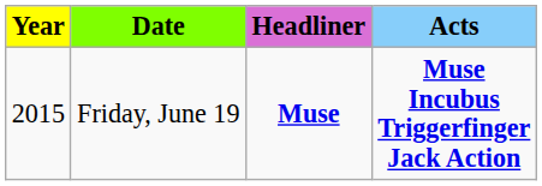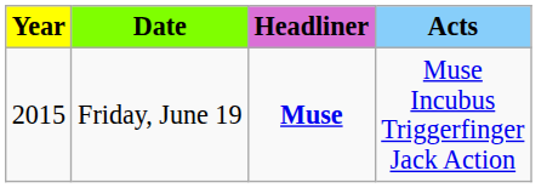 <table class="wikitable">
 <tr>
 <th style="background:#FFFF00">Year</th>
 <th style="background:#7FFF00">Date</th>
 <th style="background:#DA70D6">Headliner</th>
 <th style="background:#87CEFA">Acts</th>
 </tr>
 <tr align="center">
 <td rowspan="2">2015</td>
 <td>Friday, June 19</td>
 <td><strong><a href='#'>Muse</a></strong></td>
-<td><strong><a href='#'>Muse</a> <br><a href='#'>Incubus</a> <br><a href='#'>Triggerfinger</a> <br><a href='#'>Jack Action</a></strong></td>
+<td><a href='#'>Muse</a> <br><a href='#'>Incubus</a> <br><a href='#'>Triggerfinger</a> <br><a href='#'>Jack Action</a></td>
 </tr>
 </table>
